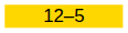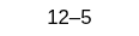 <table style="text-align:center">
 <tr>
 <th width=200></th>
 <th width=100></th>
 <th width=200></th>
 </tr>
 <tr>
 <td align=right><strong></strong></td>
-<td style="background: gold;">12–5</td>
+<td>12–5</td>
 <td align=left></td>
 </tr>
 </table>
